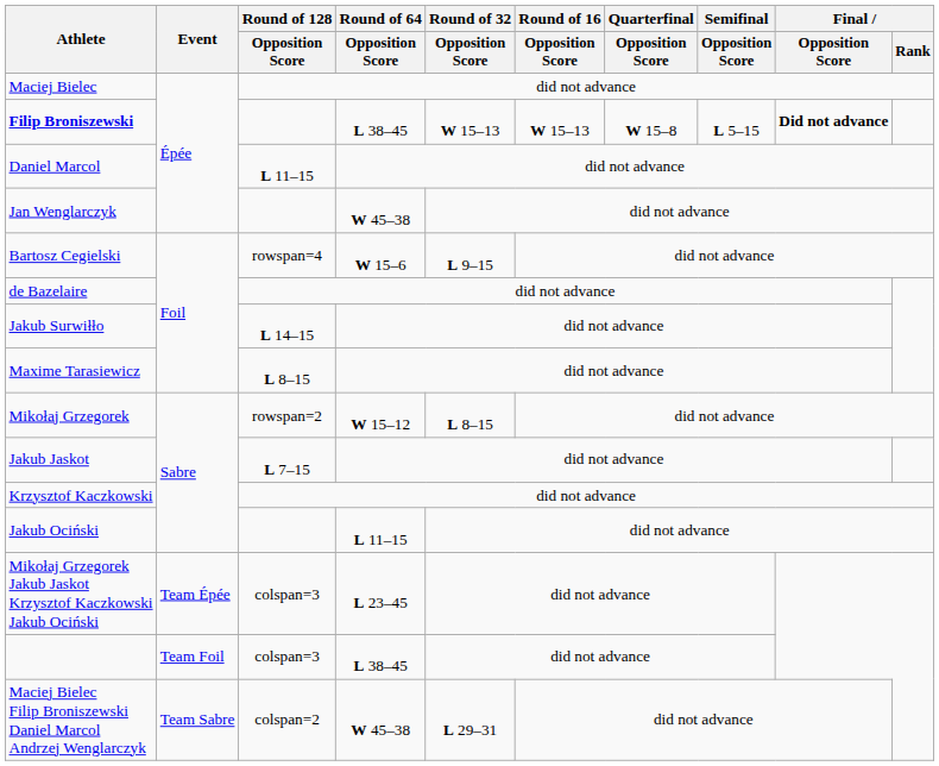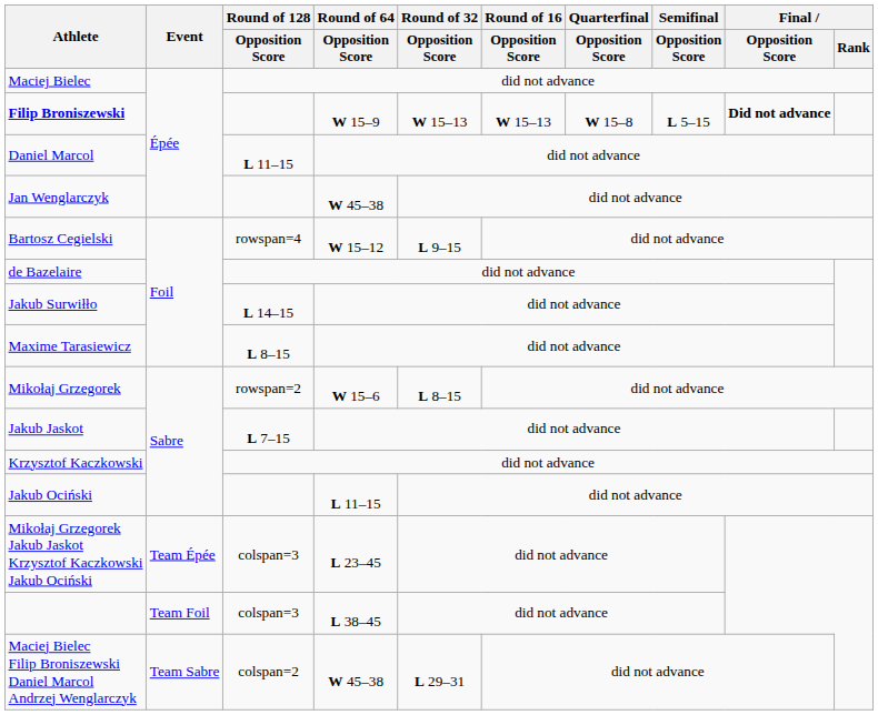 <table class="wikitable" style="font-size:90%">
 <tr>
 <th rowspan=2>Athlete</th>
 <th rowspan=2>Event</th>
 <th>Round of 128</th>
 <th>Round of 64</th>
 <th>Round of 32</th>
 <th>Round of 16</th>
 <th>Quarterfinal</th>
 <th>Semifinal</th>
 <th colspan=2>Final / </th>
 </tr>
 <tr style="font-size:95%">
 <th>Opposition<br>Score</th>
 <th>Opposition<br>Score</th>
 <th>Opposition<br>Score</th>
 <th>Opposition<br>Score</th>
 <th>Opposition<br>Score</th>
 <th>Opposition<br>Score</th>
 <th>Opposition<br>Score</th>
 <th>Rank</th>
 </tr>
 <tr align=center>
 <td align=left><a href='#'>Maciej Bielec</a></td>
 <td align=left rowspan=4><a href='#'>Épée</a></td>
 <td colspan=8>did not advance</td>
 </tr>
 <tr align=center>
 <td align=left><strong><a href='#'>Filip Broniszewski</a></strong></td>
 <td></td>
-<td><br><strong>L</strong> 38–45</td>
+<td><br><strong>W</strong> 15–9</td>
 <td><br><strong>W</strong> 15–13</td>
 <td><br><strong>W</strong> 15–13</td>
 <td><br><strong>W</strong> 15–8</td>
 <td><br><strong>L</strong> 5–15</td>
 <td><strong>Did not advance</strong></td>
 <td></td>
 </tr>
 <tr align=center>
 <td align=left><a href='#'>Daniel Marcol</a></td>
 <td><br><strong>L</strong> 11–15</td>
 <td colspan=7>did not advance</td>
 </tr>
 <tr align=center>
 <td align=left><a href='#'>Jan Wenglarczyk</a></td>
 <td></td>
 <td><br><strong>W</strong> 45–38</td>
 <td colspan=6>did not advance</td>
 </tr>
 <tr align=center>
 <td align=left><a href='#'>Bartosz Cegielski</a></td>
 <td align=left rowspan=4><a href='#'>Foil</a></td>
 <td>rowspan=4 </td>
-<td><br><strong>W</strong> 15–6</td>
+<td><br><strong>W</strong> 15–12</td>
 <td><br><strong>L</strong> 9–15</td>
 <td colspan=5>did not advance</td>
 </tr>
 <tr align=center>
 <td align=left><a href='#'>de Bazelaire</a></td>
 <td colspan=7>did not advance</td>
 </tr>
 <tr align=center>
 <td align=left><a href='#'>Jakub Surwiłło</a></td>
 <td><br><strong>L</strong> 14–15</td>
 <td colspan=6>did not advance</td>
 </tr>
 <tr align=center>
 <td align=left><a href='#'>Maxime Tarasiewicz</a></td>
 <td><br><strong>L</strong> 8–15</td>
 <td colspan=6>did not advance</td>
 </tr>
 <tr align=center>
 <td align=left><a href='#'>Mikołaj Grzegorek</a></td>
 <td align=left rowspan=4><a href='#'>Sabre</a></td>
 <td>rowspan=2 </td>
-<td><br><strong>W</strong> 15–12</td>
+<td><br><strong>W</strong> 15–6</td>
 <td><br><strong>L</strong> 8–15</td>
 <td colspan=5>did not advance</td>
 </tr>
 <tr align=center>
 <td align=left><a href='#'>Jakub Jaskot</a></td>
 <td><br><strong>L</strong> 7–15</td>
 <td colspan=6>did not advance</td>
 </tr>
 <tr align=center>
 <td align=left><a href='#'>Krzysztof Kaczkowski</a></td>
 <td colspan=8>did not advance</td>
 </tr>
 <tr align=center>
 <td align=left><a href='#'>Jakub Ociński</a></td>
 <td></td>
 <td><br><strong>L</strong> 11–15</td>
 <td colspan=6>did not advance</td>
 </tr>
 <tr align=center>
 <td align=left><a href='#'>Mikołaj Grzegorek</a><br><a href='#'>Jakub Jaskot</a><br><a href='#'>Krzysztof Kaczkowski</a><br><a href='#'>Jakub Ociński</a></td>
 <td align=left><a href='#'>Team Épée</a></td>
 <td>colspan=3 </td>
 <td><br><strong>L</strong> 23–45</td>
 <td colspan=4>did not advance</td>
 </tr>
 <tr align=center>
 <td align=left></td>
 <td align=left><a href='#'>Team Foil</a></td>
 <td>colspan=3 </td>
 <td><br><strong>L</strong> 38–45</td>
 <td colspan=4>did not advance</td>
 </tr>
 <tr align=center>
 <td align=left><a href='#'>Maciej Bielec</a><br><a href='#'>Filip Broniszewski</a><br><a href='#'>Daniel Marcol</a><br><a href='#'>Andrzej Wenglarczyk</a></td>
 <td align=left><a href='#'>Team Sabre</a></td>
 <td>colspan=2 </td>
 <td><br><strong>W</strong> 45–38</td>
 <td><br><strong>L</strong> 29–31</td>
 <td colspan=4>did not advance</td>
 </tr>
 </table>
